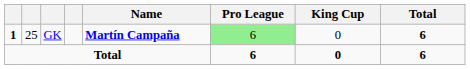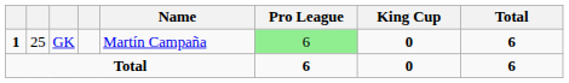 <table class="wikitable" style="text-align:center">
 <tr>
 <th width=15></th>
 <th width=15></th>
 <th width=15></th>
 <th width=15></th>
 <th width=155>Name</th>
 <th width=100>Pro League</th>
 <th width=100>King Cup</th>
 <th width=100>Total</th>
 </tr>
 <tr>
 <td><strong>1</strong></td>
 <td>25</td>
 <td><a href='#'>GK</a></td>
 <td></td>
-<td align=left><strong><a href='#'>Martín Campaña</a></strong></td>
+<td align=left><a href='#'>Martín Campaña</a></td>
 <td style="background: lightgreen;">6</td>
-<td>0</td>
+<td><strong>0</strong></td>
 <td><strong>6</strong></td>
 </tr>
 <tr>
 <td colspan=5><strong>Total</strong></td>
 <td><strong>6</strong></td>
 <td><strong>0</strong></td>
 <td><strong>6</strong></td>
 </tr>
 </table>
